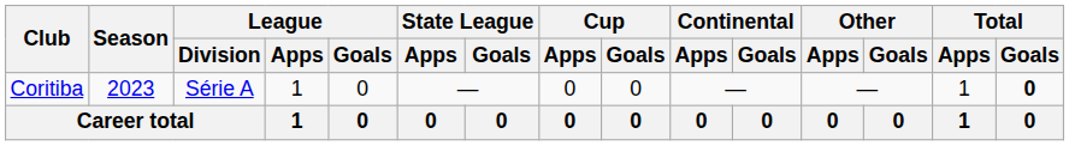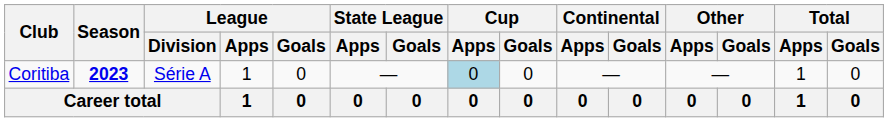 <table class="wikitable" style="text-align: center;">
 <tr>
 <th rowspan="2">Club</th>
 <th rowspan="2">Season</th>
 <th colspan="3">League</th>
 <th colspan="2">State League</th>
 <th colspan="2">Cup</th>
 <th colspan="2">Continental</th>
 <th colspan="2">Other</th>
 <th colspan="2">Total</th>
 </tr>
 <tr>
 <th>Division</th>
 <th>Apps</th>
 <th>Goals</th>
 <th>Apps</th>
 <th>Goals</th>
 <th>Apps</th>
 <th>Goals</th>
 <th>Apps</th>
 <th>Goals</th>
 <th>Apps</th>
 <th>Goals</th>
 <th>Apps</th>
 <th>Goals</th>
 </tr>
 <tr>
 <td valign="center"><a href='#'>Coritiba</a></td>
-<td><a href='#'>2023</a></td>
+<td><strong><a href='#'>2023</a></strong></td>
 <td><a href='#'>Série A</a></td>
 <td>1</td>
 <td>0</td>
 <td colspan="2">—</td>
-<td>0</td>
+<td style="background: lightblue;">0</td>
 <td>0</td>
 <td colspan="2">—</td>
 <td colspan="2">—</td>
 <td>1</td>
-<td><strong>0</strong></td>
+<td>0</td>
 </tr>
 <tr>
 <th colspan="3"><strong>Career total</strong></th>
 <th>1</th>
 <th>0</th>
 <th>0</th>
 <th>0</th>
 <th>0</th>
 <th>0</th>
 <th>0</th>
 <th>0</th>
 <th>0</th>
 <th>0</th>
 <th>1</th>
 <th>0</th>
 </tr>
 </table>
